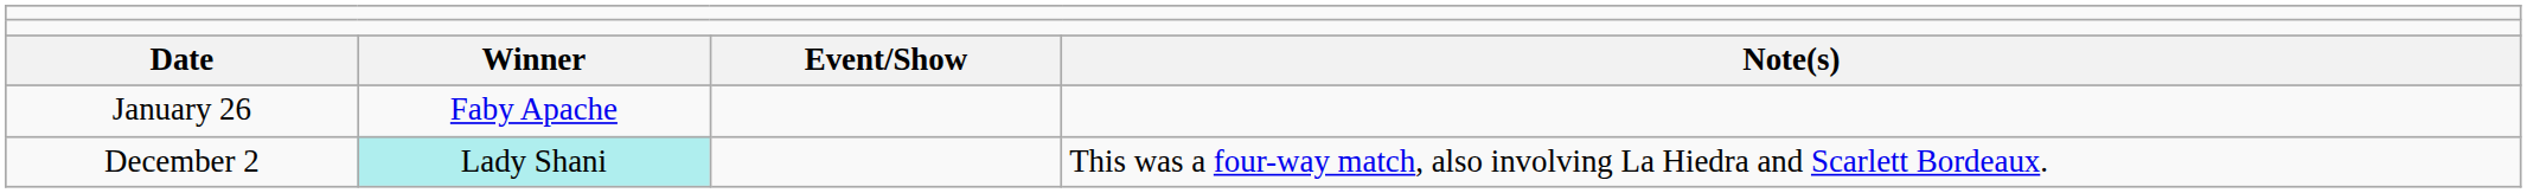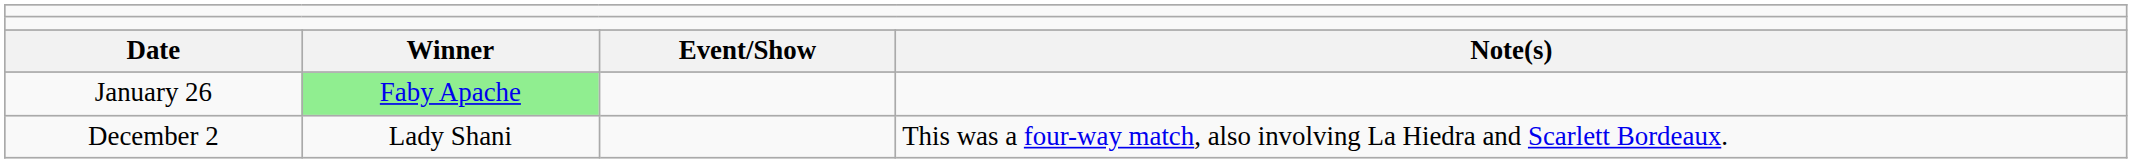 <table class="wikitable" style="text-align:center; width:100%;">
 <tr>
 <td colspan="5"></td>
 </tr>
 <tr>
 <td colspan="5"><strong></strong></td>
 </tr>
 <tr>
 <th width=14%>Date</th>
 <th width=14%>Winner</th>
 <th width=14%>Event/Show</th>
 <th width=58%>Note(s)</th>
 </tr>
 <tr>
 <td>January 26</td>
-<td><a href='#'>Faby Apache</a></td>
+<td style="background: lightgreen;"><a href='#'>Faby Apache</a></td>
 <td></td>
 <td align=left></td>
 </tr>
 <tr>
 <td>December 2</td>
-<td style="background: paleturquoise;">Lady Shani</td>
+<td>Lady Shani</td>
 <td></td>
 <td align=left>This was a <a href='#'>four-way match</a>, also involving  La Hiedra and <a href='#'>Scarlett Bordeaux</a>.</td>
 </tr>
 </table>
